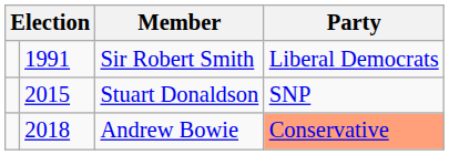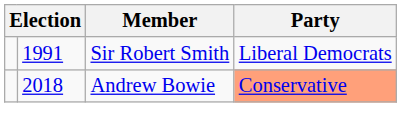 <table class="wikitable">
 <tr>
 <th colspan=2>Election</th>
 <th>Member</th>
 <th>Party</th>
 </tr>
 <tr>
 <td style="color:inherit;background-color: "></td>
 <td><a href='#'>1991</a></td>
 <td><a href='#'>Sir Robert Smith</a></td>
 <td><a href='#'>Liberal Democrats</a></td>
 </tr>
 <tr>
 <td style="color:inherit;background-color: "></td>
-<td><a href='#'>2015</a></td>
-<td><a href='#'>Stuart Donaldson</a></td>
-<td><a href='#'>SNP</a></td>
-</tr>
-<tr>
-<td style="color:inherit;background-color: "></td>
 <td><a href='#'>2018</a></td>
 <td><a href='#'>Andrew Bowie</a></td>
 <td style="background: lightsalmon;"><a href='#'>Conservative</a></td>
 </tr>
 </table>
